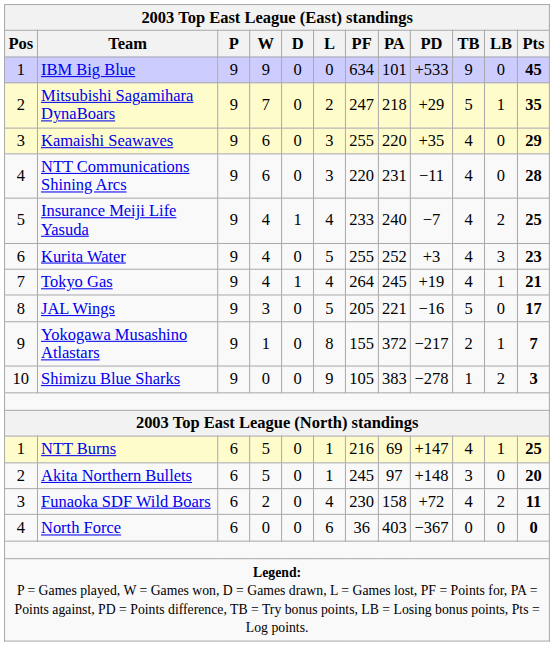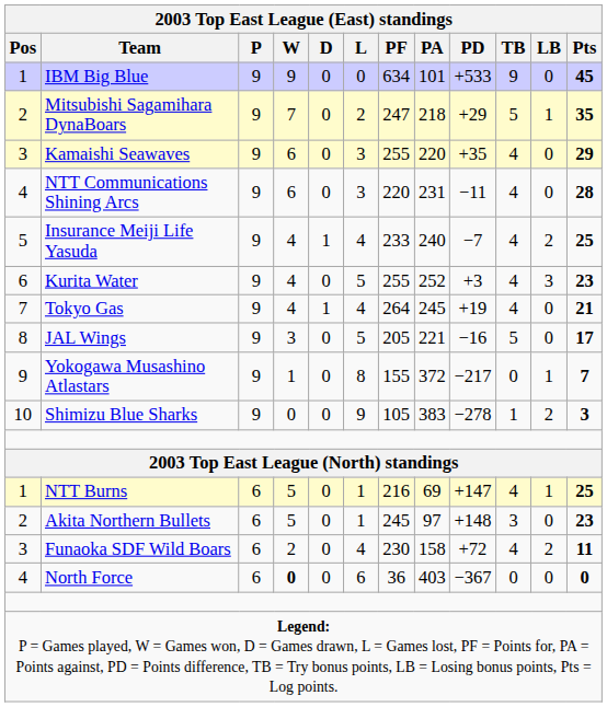 <table class="wikitable" style="text-align:center; font-size:100%; width:60%;">
 <tr>
 <th colspan="100%" cellpadding="0" cellspacing="0"><strong>2003 Top East League (East) standings</strong></th>
 </tr>
 <tr>
 <th style="width:6%;">Pos</th>
 <th style="width:34%;">Team</th>
 <th style="width:6%;">P</th>
 <th style="width:6%;">W</th>
 <th style="width:6%;">D</th>
 <th style="width:6%;">L</th>
 <th style="width:6%;">PF</th>
 <th style="width:6%;">PA</th>
 <th style="width:6%;">PD</th>
 <th style="width:6%;">TB</th>
 <th style="width:6%;">LB</th>
 <th style="width:6%;">Pts<br></th>
 </tr>
 <tr style="background:#CCCCFF;">
 <td>1</td>
 <td style="text-align:left;"><a href='#'>IBM Big Blue</a></td>
 <td>9</td>
 <td>9</td>
 <td>0</td>
 <td>0</td>
 <td>634</td>
 <td>101</td>
 <td>+533</td>
 <td>9</td>
 <td>0</td>
 <td><strong>45</strong></td>
 </tr>
 <tr style="background:#FFFCCC;">
 <td>2</td>
 <td style="text-align:left;"><a href='#'>Mitsubishi Sagamihara DynaBoars</a></td>
 <td>9</td>
 <td>7</td>
 <td>0</td>
 <td>2</td>
 <td>247</td>
 <td>218</td>
 <td>+29</td>
 <td>5</td>
 <td>1</td>
 <td><strong>35</strong></td>
 </tr>
 <tr style="background:#FFFCCC;">
 <td>3</td>
 <td style="text-align:left;"><a href='#'>Kamaishi Seawaves</a></td>
 <td>9</td>
 <td>6</td>
 <td>0</td>
 <td>3</td>
 <td>255</td>
 <td>220</td>
 <td>+35</td>
 <td>4</td>
 <td>0</td>
 <td><strong>29</strong></td>
 </tr>
 <tr>
 <td>4</td>
 <td style="text-align:left;"><a href='#'>NTT Communications Shining Arcs</a></td>
 <td>9</td>
 <td>6</td>
 <td>0</td>
 <td>3</td>
 <td>220</td>
 <td>231</td>
 <td>−11</td>
 <td>4</td>
 <td>0</td>
 <td><strong>28</strong></td>
 </tr>
 <tr>
 <td>5</td>
 <td style="text-align:left;"><a href='#'>Insurance Meiji Life Yasuda</a></td>
 <td>9</td>
 <td>4</td>
 <td>1</td>
 <td>4</td>
 <td>233</td>
 <td>240</td>
 <td>−7</td>
 <td>4</td>
 <td>2</td>
 <td><strong>25</strong></td>
 </tr>
 <tr>
 <td>6</td>
 <td style="text-align:left;"><a href='#'>Kurita Water</a></td>
 <td>9</td>
 <td>4</td>
 <td>0</td>
 <td>5</td>
 <td>255</td>
 <td>252</td>
 <td>+3</td>
 <td>4</td>
 <td>3</td>
 <td><strong>23</strong></td>
 </tr>
 <tr>
 <td>7</td>
 <td style="text-align:left;"><a href='#'>Tokyo Gas</a></td>
 <td>9</td>
 <td>4</td>
 <td>1</td>
 <td>4</td>
 <td>264</td>
 <td>245</td>
 <td>+19</td>
 <td>4</td>
-<td>1</td>
+<td>0</td>
 <td><strong>21</strong></td>
 </tr>
 <tr>
 <td>8</td>
 <td style="text-align:left;"><a href='#'>JAL Wings</a></td>
 <td>9</td>
 <td>3</td>
 <td>0</td>
 <td>5</td>
 <td>205</td>
 <td>221</td>
 <td>−16</td>
 <td>5</td>
 <td>0</td>
 <td><strong>17</strong></td>
 </tr>
 <tr>
 <td>9</td>
 <td style="text-align:left;"><a href='#'>Yokogawa Musashino Atlastars</a></td>
 <td>9</td>
 <td>1</td>
 <td>0</td>
 <td>8</td>
 <td>155</td>
 <td>372</td>
 <td>−217</td>
-<td>2</td>
+<td>0</td>
 <td>1</td>
 <td><strong>7</strong></td>
 </tr>
 <tr>
 <td>10</td>
 <td style="text-align:left;"><a href='#'>Shimizu Blue Sharks</a></td>
 <td>9</td>
 <td>0</td>
 <td>0</td>
 <td>9</td>
 <td>105</td>
 <td>383</td>
 <td>−278</td>
 <td>1</td>
 <td>2</td>
 <td><strong>3</strong></td>
 </tr>
 <tr>
 <td colspan="100%" style="height:10px;"></td>
 </tr>
 <tr>
 <th colspan="100%" cellpadding="0" cellspacing="0"><strong>2003 Top East League (North) standings</strong></th>
 </tr>
 <tr style="background:#FFFCCC;">
 <td>1</td>
 <td style="text-align:left;"><a href='#'>NTT Burns</a></td>
 <td>6</td>
 <td>5</td>
 <td>0</td>
 <td>1</td>
 <td>216</td>
 <td>69</td>
 <td>+147</td>
 <td>4</td>
 <td>1</td>
 <td><strong>25</strong></td>
 </tr>
 <tr>
 <td>2</td>
 <td style="text-align:left;"><a href='#'>Akita Northern Bullets</a></td>
 <td>6</td>
 <td>5</td>
 <td>0</td>
 <td>1</td>
 <td>245</td>
 <td>97</td>
 <td>+148</td>
 <td>3</td>
 <td>0</td>
-<td><strong>20</strong></td>
+<td><strong>23</strong></td>
 </tr>
 <tr>
 <td>3</td>
 <td style="text-align:left;"><a href='#'>Funaoka SDF Wild Boars</a></td>
 <td>6</td>
 <td>2</td>
 <td>0</td>
 <td>4</td>
 <td>230</td>
 <td>158</td>
 <td>+72</td>
 <td>4</td>
 <td>2</td>
 <td><strong>11</strong></td>
 </tr>
 <tr>
 <td>4</td>
 <td style="text-align:left;"><a href='#'>North Force</a></td>
 <td>6</td>
-<td>0</td>
+<td><strong>0</strong></td>
 <td>0</td>
 <td>6</td>
 <td>36</td>
 <td>403</td>
 <td>−367</td>
 <td>0</td>
 <td>0</td>
 <td><strong>0</strong></td>
 </tr>
 <tr>
 <td colspan="100%" style="height:10px;"></td>
 </tr>
 <tr>
 <td colspan="100%"><small><strong>Legend:</strong> <br> P = Games played, W = Games won, D = Games drawn, L = Games lost, PF = Points for, PA = Points against, PD = Points difference, TB = Try bonus points, LB = Losing bonus points, Pts = Log points.</small></td>
 </tr>
 </table>
